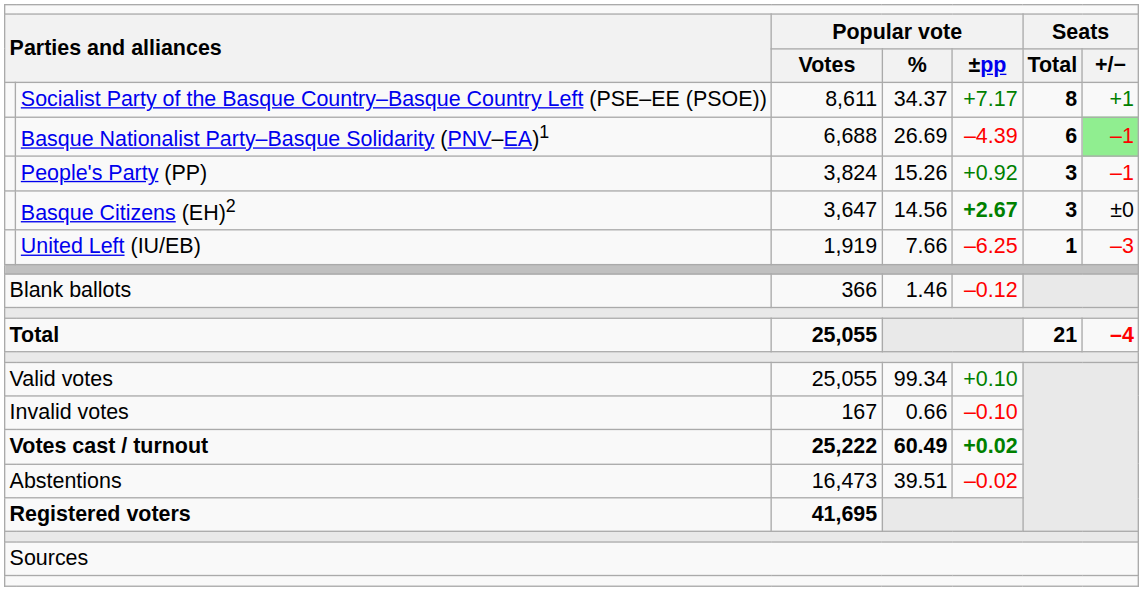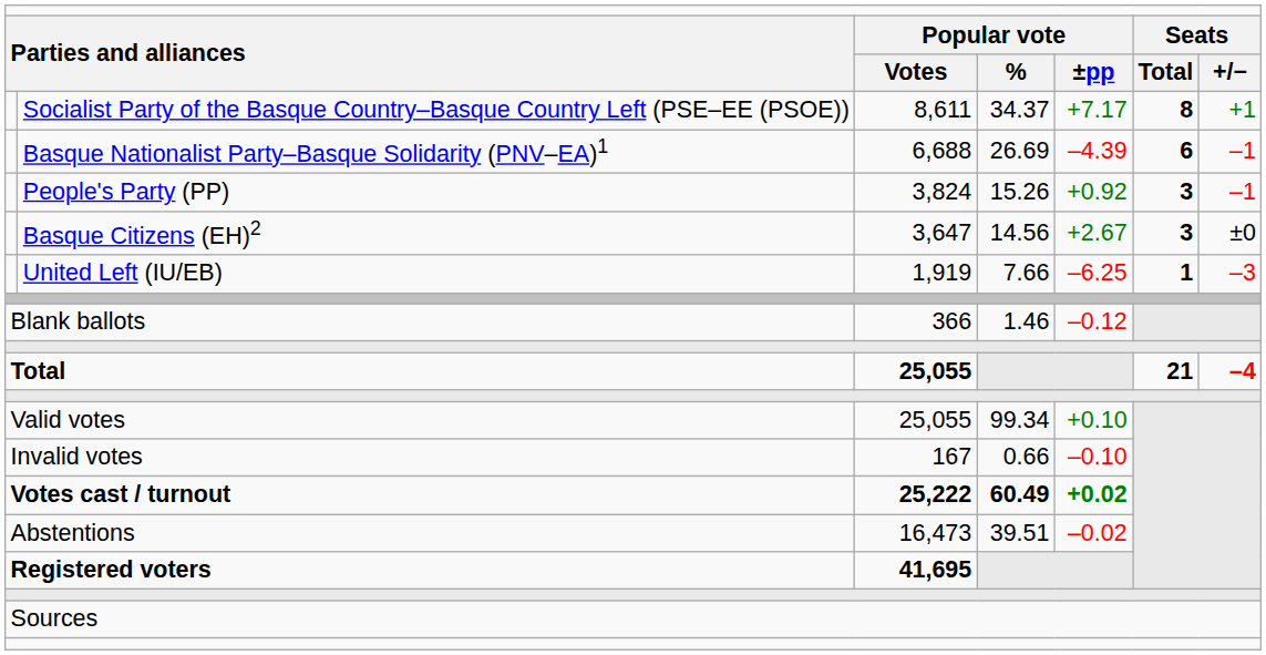 <table class="wikitable" style="text-align:right;">
 <tr>
 <td colspan="7"></td>
 </tr>
 <tr>
 <th style="text-align:left;" rowspan="2" colspan="2" width="525">Parties and alliances</th>
 <th colspan="3">Popular vote</th>
 <th colspan="2">Seats</th>
 </tr>
 <tr>
 <th width="75">Votes</th>
 <th width="45">%</th>
 <th width="45">±<a href='#'>pp</a></th>
 <th width="35">Total</th>
 <th width="35">+/−</th>
 </tr>
 <tr>
 <td width="1" style="color:inherit;background:"></td>
 <td align="left"><a href='#'>Socialist Party of the Basque Country–Basque Country Left</a> (PSE–EE (PSOE))</td>
 <td>8,611</td>
 <td>34.37</td>
 <td style="color:green;">+7.17</td>
 <td><strong>8</strong></td>
 <td style="color:green;">+1</td>
 </tr>
 <tr>
 <td style="color:inherit;background:"></td>
 <td align="left"><a href='#'>Basque Nationalist Party–Basque Solidarity</a> (<a href='#'>PNV</a>–<a href='#'>EA</a>)<sup>1</sup></td>
 <td>6,688</td>
 <td>26.69</td>
 <td style="color:red;">–4.39</td>
 <td><strong>6</strong></td>
-<td style="background: lightgreen; color:red;">–1</td>
+<td style="color:red;">–1</td>
 </tr>
 <tr>
 <td style="color:inherit;background:"></td>
 <td align="left"><a href='#'>People's Party</a> (PP)</td>
 <td>3,824</td>
 <td>15.26</td>
 <td style="color:green;">+0.92</td>
 <td><strong>3</strong></td>
 <td style="color:red;">–1</td>
 </tr>
 <tr>
 <td style="color:inherit;background:"></td>
 <td align="left"><a href='#'>Basque Citizens</a> (EH)<sup>2</sup></td>
 <td>3,647</td>
 <td>14.56</td>
-<td style="color:green;"><strong>+2.67</strong></td>
+<td style="color:green;">+2.67</td>
 <td><strong>3</strong></td>
 <td>±0</td>
 </tr>
 <tr>
 <td style="color:inherit;background:"></td>
 <td align="left"><a href='#'>United Left</a> (IU/EB)</td>
 <td>1,919</td>
 <td>7.66</td>
 <td style="color:red;">–6.25</td>
 <td><strong>1</strong></td>
 <td style="color:red;">–3</td>
 </tr>
 <tr>
 <td colspan="7" style="color:inherit;background:#C0C0C0"></td>
 </tr>
 <tr>
 <td align="left" colspan="2">Blank ballots</td>
 <td>366</td>
 <td>1.46</td>
 <td style="color:red;">–0.12</td>
 <td style="color:inherit;background:#E9E9E9" colspan="2"></td>
 </tr>
 <tr>
 <td colspan="7" style="color:inherit;background:#E9E9E9"></td>
 </tr>
 <tr style="font-weight:bold;">
 <td align="left" colspan="2">Total</td>
 <td>25,055</td>
 <td bgcolor="#E9E9E9" colspan="2"></td>
 <td>21</td>
 <td style="color:red;">–4</td>
 </tr>
 <tr>
 <td colspan="7" style="color:inherit;background:#E9E9E9"></td>
 </tr>
 <tr>
 <td align="left" colspan="2">Valid votes</td>
 <td>25,055</td>
 <td>99.34</td>
 <td style="color:green;">+0.10</td>
 <td bgcolor="#E9E9E9" colspan="2" rowspan="5"></td>
 </tr>
 <tr>
 <td align="left" colspan="2">Invalid votes</td>
 <td>167</td>
 <td>0.66</td>
 <td style="color:red;">–0.10</td>
 </tr>
 <tr style="font-weight:bold;">
 <td align="left" colspan="2">Votes cast / turnout</td>
 <td>25,222</td>
 <td>60.49</td>
 <td style="color:green;">+0.02</td>
 </tr>
 <tr>
 <td align="left" colspan="2">Abstentions</td>
 <td>16,473</td>
 <td>39.51</td>
 <td style="color:red;">–0.02</td>
 </tr>
 <tr style="font-weight:bold;">
 <td align="left" colspan="2">Registered voters</td>
 <td>41,695</td>
 <td bgcolor="#E9E9E9" colspan="2"></td>
 </tr>
 <tr>
 <td colspan="7" style="color:inherit;background:#E9E9E9"></td>
 </tr>
 <tr>
 <td align="left" colspan="7">Sources</td>
 </tr>
 <tr>
 <td colspan="7" style="text-align:left; max-width:790px;"></td>
 </tr>
 </table>
